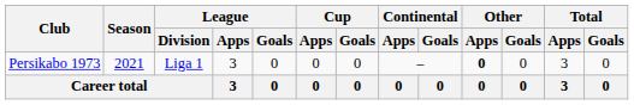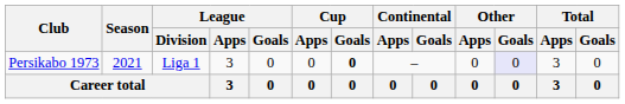 <table class="wikitable" style="text-align: center">
 <tr>
 <th rowspan="2">Club</th>
 <th rowspan="2">Season</th>
 <th colspan="3">League</th>
 <th colspan="2">Cup</th>
 <th colspan="2">Continental</th>
 <th colspan="2">Other</th>
 <th colspan="2">Total</th>
 </tr>
 <tr>
 <th>Division</th>
 <th>Apps</th>
 <th>Goals</th>
 <th>Apps</th>
 <th>Goals</th>
 <th>Apps</th>
 <th>Goals</th>
 <th>Apps</th>
 <th>Goals</th>
 <th>Apps</th>
 <th>Goals</th>
 </tr>
 <tr>
 <td rowspan="1"><a href='#'>Persikabo 1973</a></td>
 <td><a href='#'>2021</a></td>
 <td rowspan="1" valign="center"><a href='#'>Liga 1</a></td>
 <td>3</td>
 <td>0</td>
 <td>0</td>
+<td><strong>0</strong></td>
+<td colspan="2">–</td>
 <td>0</td>
-<td colspan="2">–</td>
-<td><strong>0</strong></td>
-<td>0</td>
+<td style="background: lavender;">0</td>
 <td>3</td>
 <td>0</td>
 </tr>
 <tr>
 <th colspan=3>Career total</th>
 <th>3</th>
 <th>0</th>
 <th>0</th>
 <th>0</th>
 <th>0</th>
 <th>0</th>
 <th>0</th>
 <th>0</th>
 <th>3</th>
 <th>0</th>
 </tr>
 </table>
